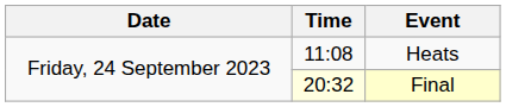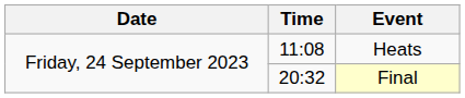 <table class = "wikitable" style="text-align:center;">
 <tr>
 <th width=220>Date</th>
 <th width=50>Time</th>
 <th width=100>Event</th>
 </tr>
 <tr>
 <td rowspan=2>Friday, 24 September 2023</td>
 <td>11:08</td>
 <td>Heats</td>
 </tr>
 <tr>
-<td style="background: lightyellow;">20:32</td>
+<td>20:32</td>
 <td bgcolor=ffffcc>Final</td>
 </tr>
 </table>
